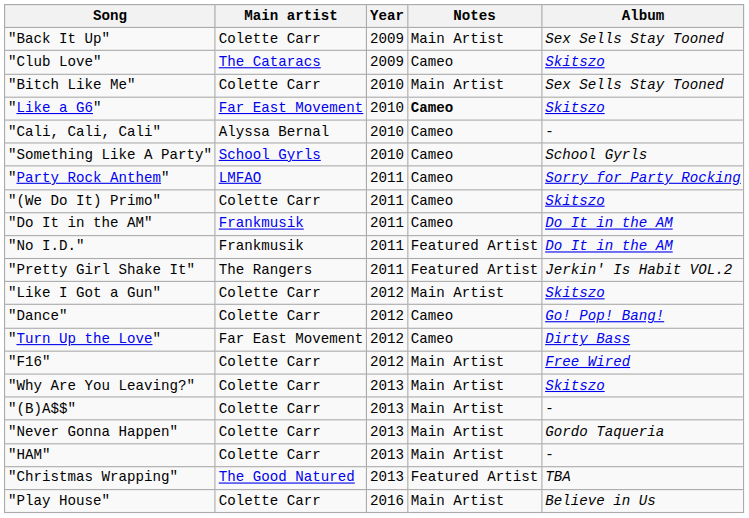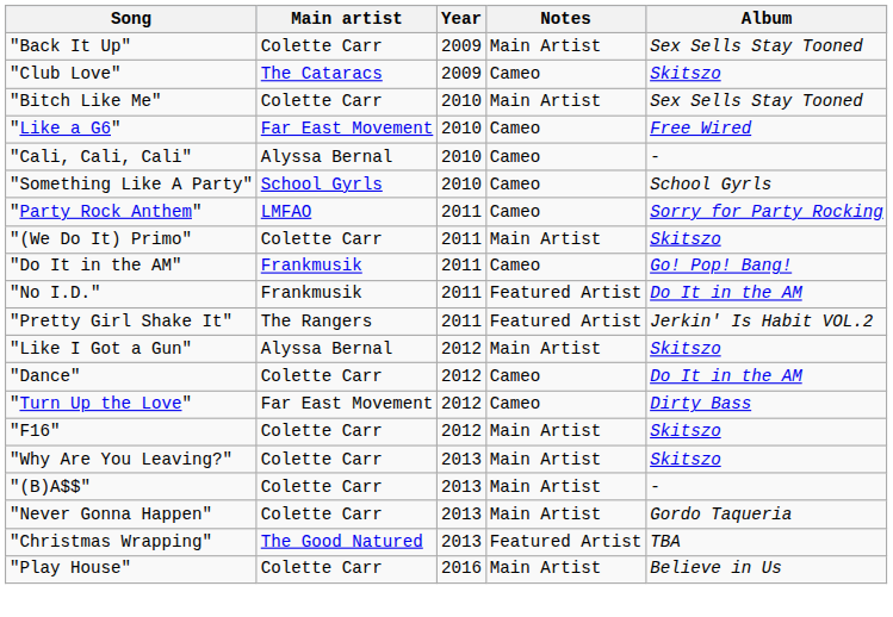 <table class="wikitable">
 <tr style="background:#b0c4de; tex:center;">
 <th>Song</th>
 <th>Main artist</th>
 <th>Year</th>
 <th>Notes</th>
 <th>Album</th>
 </tr>
 <tr>
 <td>"Back It Up"</td>
 <td>Colette Carr</td>
 <td>2009</td>
 <td>Main Artist</td>
 <td><em>Sex Sells Stay Tooned</em></td>
 </tr>
 <tr>
 <td>"Club Love"</td>
 <td><a href='#'>The Cataracs</a></td>
 <td>2009</td>
 <td>Cameo</td>
 <td><em><a href='#'>Skitszo</a></em></td>
 </tr>
 <tr>
 <td>"Bitch Like Me"</td>
 <td>Colette Carr</td>
 <td>2010</td>
 <td>Main Artist</td>
 <td><em>Sex Sells Stay Tooned</em></td>
 </tr>
 <tr>
 <td>"<a href='#'>Like a G6</a>"</td>
 <td><a href='#'>Far East Movement</a></td>
 <td>2010</td>
-<td><strong>Cameo</strong></td>
-<td><em><a href='#'>Skitszo</a></em></td>
+<td>Cameo</td>
+<td><em><a href='#'>Free Wired</a></em></td>
 </tr>
 <tr>
 <td>"Cali, Cali, Cali"</td>
 <td>Alyssa Bernal</td>
 <td>2010</td>
 <td>Cameo</td>
 <td>-</td>
 </tr>
 <tr>
 <td>"Something Like A Party"</td>
 <td><a href='#'>School Gyrls</a></td>
 <td>2010</td>
 <td>Cameo</td>
 <td><em>School Gyrls</em></td>
 </tr>
 <tr>
 <td>"<a href='#'>Party Rock Anthem</a>"</td>
 <td><a href='#'>LMFAO</a></td>
 <td>2011</td>
 <td>Cameo</td>
 <td><em><a href='#'>Sorry for Party Rocking</a></em></td>
 </tr>
 <tr>
 <td>"(We Do It) Primo"</td>
 <td>Colette Carr</td>
 <td>2011</td>
-<td>Cameo</td>
+<td>Main Artist</td>
 <td><em><a href='#'>Skitszo</a></em></td>
 </tr>
 <tr>
 <td>"Do It in the AM"</td>
 <td><a href='#'>Frankmusik</a></td>
 <td>2011</td>
 <td>Cameo</td>
-<td><em><a href='#'>Do It in the AM</a></em></td>
+<td><em><a href='#'>Go! Pop! Bang!</a></em></td>
 </tr>
 <tr>
 <td>"No I.D."</td>
 <td>Frankmusik</td>
 <td>2011</td>
 <td>Featured Artist</td>
 <td><em><a href='#'>Do It in the AM</a></em></td>
 </tr>
 <tr>
 <td>"Pretty Girl Shake It"</td>
 <td>The Rangers</td>
 <td>2011</td>
 <td>Featured Artist</td>
 <td><em>Jerkin' Is Habit VOL.2</em></td>
 </tr>
 <tr>
 <td>"Like I Got a Gun"</td>
-<td>Colette Carr</td>
+<td>Alyssa Bernal</td>
 <td>2012</td>
 <td>Main Artist</td>
 <td><em><a href='#'>Skitszo</a></em></td>
 </tr>
 <tr>
 <td>"Dance"</td>
 <td>Colette Carr</td>
 <td>2012</td>
 <td>Cameo</td>
-<td><em><a href='#'>Go! Pop! Bang!</a></em></td>
+<td><em><a href='#'>Do It in the AM</a></em></td>
 </tr>
 <tr>
 <td>"<a href='#'>Turn Up the Love</a>"</td>
 <td>Far East Movement</td>
 <td>2012</td>
 <td>Cameo</td>
 <td><em><a href='#'>Dirty Bass</a></em></td>
 </tr>
 <tr>
 <td>"F16"</td>
 <td>Colette Carr</td>
 <td>2012</td>
 <td>Main Artist</td>
-<td><em><a href='#'>Free Wired</a></em></td>
+<td><em><a href='#'>Skitszo</a></em></td>
 </tr>
 <tr>
 <td>"Why Are You Leaving?"</td>
 <td>Colette Carr</td>
 <td>2013</td>
 <td>Main Artist</td>
 <td><em><a href='#'>Skitszo</a></em></td>
 </tr>
 <tr>
 <td>"(B)A$$"</td>
 <td>Colette Carr</td>
 <td>2013</td>
 <td>Main Artist</td>
 <td>-</td>
 </tr>
 <tr>
 <td>"Never Gonna Happen"</td>
 <td>Colette Carr</td>
 <td>2013</td>
 <td>Main Artist</td>
 <td><em>Gordo Taqueria</em></td>
 </tr>
 <tr>
-<td>"HAM"</td>
-<td>Colette Carr</td>
-<td>2013</td>
-<td>Main Artist</td>
-<td>-</td>
-</tr>
-<tr>
 <td>"Christmas Wrapping"</td>
 <td><a href='#'>The Good Natured</a></td>
 <td>2013</td>
 <td>Featured Artist</td>
 <td><em>TBA</em></td>
 </tr>
 <tr>
 <td>"Play House"</td>
 <td>Colette Carr</td>
 <td>2016</td>
 <td>Main Artist</td>
 <td><em>Believe in Us</em></td>
 </tr>
 </table>
